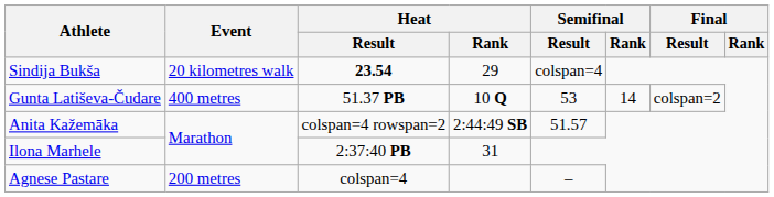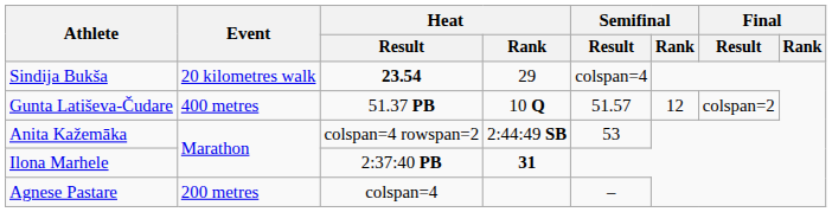 <table class="wikitable" style="font-size:90%">
 <tr>
 <th rowspan="2">Athlete</th>
 <th rowspan="2">Event</th>
 <th colspan="2">Heat</th>
 <th colspan="2">Semifinal</th>
 <th colspan="2">Final</th>
 </tr>
 <tr style="font-size:95%">
 <th>Result</th>
 <th>Rank</th>
 <th>Result</th>
 <th>Rank</th>
 <th>Result</th>
 <th>Rank</th>
 </tr>
 <tr style=text-align:center>
 <td style=text-align:left><a href='#'>Sindija Bukša</a></td>
 <td style=text-align:left><a href='#'>20 kilometres walk</a></td>
 <td><strong>23.54</strong></td>
 <td>29</td>
 <td>colspan=4 </td>
 </tr>
 <tr style=text-align:center>
 <td style=text-align:left><a href='#'>Gunta Latiševa-Čudare</a></td>
 <td style=text-align:left><a href='#'>400 metres</a></td>
 <td>51.37 <strong>PB</strong></td>
 <td>10 <strong>Q</strong></td>
-<td>53</td>
-<td>14</td>
+<td>51.57</td>
+<td>12</td>
 <td>colspan=2 </td>
 </tr>
 <tr style=text-align:center>
 <td style=text-align:left><a href='#'>Anita Kažemāka</a></td>
 <td style=text-align:left rowspan=2><a href='#'>Marathon</a></td>
 <td>colspan=4 rowspan=2 </td>
 <td>2:44:49 <strong>SB</strong></td>
-<td>51.57</td>
+<td>53</td>
 </tr>
 <tr style=text-align:center>
 <td style=text-align:left><a href='#'>Ilona Marhele</a></td>
 <td>2:37:40 <strong>PB</strong></td>
-<td>31</td>
+<td><strong>31</strong></td>
 </tr>
 <tr style=text-align:center>
 <td style=text-align:left><a href='#'>Agnese Pastare</a></td>
 <td style=text-align:left><a href='#'>200 metres</a></td>
 <td>colspan=4 </td>
 <td></td>
 <td>–</td>
 </tr>
 </table>
